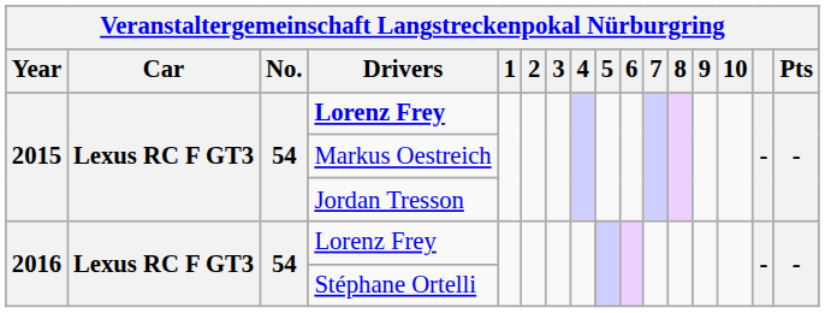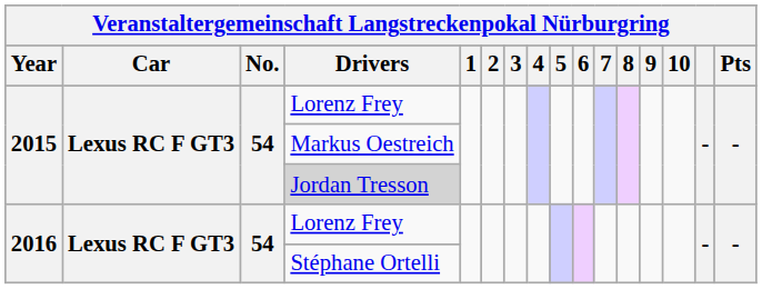 <table class="wikitable" style="text-align:center; font-size:75%">
 <tr>
 <th colspan=16><a href='#'>Veranstaltergemeinschaft Langstreckenpokal Nürburgring</a></th>
 </tr>
 <tr>
 <th>Year</th>
 <th>Car</th>
 <th>No.</th>
 <th>Drivers</th>
 <th>1</th>
 <th>2</th>
 <th>3</th>
 <th>4</th>
 <th>5</th>
 <th>6</th>
 <th>7</th>
 <th>8</th>
 <th>9</th>
 <th>10</th>
 <th></th>
 <th>Pts</th>
 </tr>
 <tr>
 <th rowspan=3>2015</th>
 <th rowspan=3>Lexus RC F GT3</th>
 <th rowspan=3>54</th>
-<td align=left><strong> <a href='#'>Lorenz Frey</a></strong></td>
+<td align=left> <a href='#'>Lorenz Frey</a></td>
 <td rowspan=3></td>
 <td rowspan=3></td>
 <td rowspan=3></td>
 <td rowspan=3 style="background-color:#cfcfff"><br></td>
 <td rowspan=3></td>
 <td rowspan=3></td>
 <td rowspan=3 style="background-color:#cfcfff"><br></td>
 <td rowspan=3 style="background-color:#efcfff"><br></td>
 <td rowspan=3></td>
 <td rowspan=3></td>
 <th rowspan=3>-</th>
 <th rowspan=3>-</th>
 </tr>
 <tr>
 <td align=left> <a href='#'>Markus Oestreich</a></td>
 </tr>
 <tr>
-<td align=left> <a href='#'>Jordan Tresson</a></td>
+<td align=left style="background: lightgrey;"> <a href='#'>Jordan Tresson</a></td>
 </tr>
 <tr>
 <th rowspan=2>2016</th>
 <th rowspan=2>Lexus RC F GT3</th>
 <th rowspan=2>54</th>
 <td align=left> <a href='#'>Lorenz Frey</a></td>
 <td rowspan=2></td>
 <td rowspan=2></td>
 <td rowspan=2></td>
 <td rowspan=2></td>
 <td rowspan=2 style="background-color:#cfcfff"><br></td>
 <td rowspan=2 style="background-color:#efcfff"><br></td>
 <td rowspan=2></td>
 <td rowspan=2></td>
 <td rowspan=2></td>
 <td rowspan=2></td>
 <th rowspan=2>-</th>
 <th rowspan=2>-</th>
 </tr>
 <tr>
 <td align=left> <a href='#'>Stéphane Ortelli</a></td>
 </tr>
 </table>
